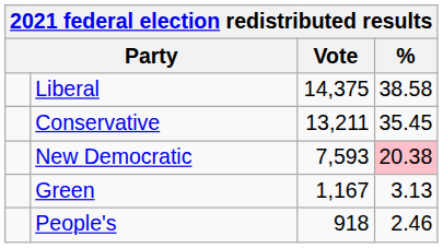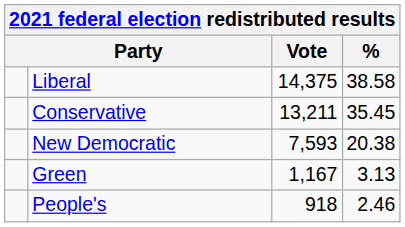 <table class="wikitable">
 <tr>
 <th colspan="4"><a href='#'>2021 federal election</a> redistributed results</th>
 </tr>
 <tr>
 <th bgcolor="#DDDDFF" width="130px" colspan="2">Party</th>
 <th bgcolor="#DDDDFF" width="50px">Vote</th>
 <th bgcolor="#DDDDFF" width="30px">%</th>
 </tr>
 <tr>
 <td> </td>
 <td><a href='#'>Liberal</a></td>
 <td align=right>14,375</td>
 <td align=right>38.58</td>
 </tr>
 <tr>
 <td> </td>
 <td><a href='#'>Conservative</a></td>
 <td align=right>13,211</td>
 <td align=right>35.45</td>
 </tr>
 <tr>
 <td> </td>
 <td><a href='#'>New Democratic</a></td>
 <td align=right>7,593</td>
-<td align=right style="background: pink;">20.38</td>
+<td align=right>20.38</td>
 </tr>
 <tr>
 <td> </td>
 <td><a href='#'>Green</a></td>
 <td align=right>1,167</td>
 <td align=right>3.13</td>
 </tr>
 <tr>
 <td> </td>
 <td><a href='#'>People's</a></td>
 <td align=right>918</td>
 <td align=right>2.46</td>
 </tr>
 </table>
